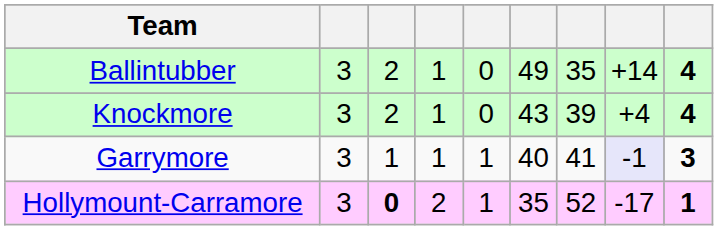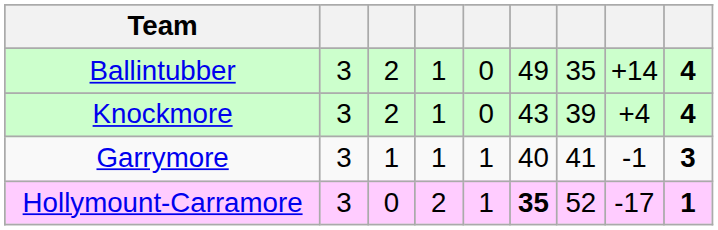 <table class="wikitable" style="text-align:center">
 <tr>
 <th style="width:175px;">Team</th>
 <th width="20"></th>
 <th width="20"></th>
 <th width="20"></th>
 <th width="20"></th>
 <th width="20"></th>
 <th width="20"></th>
 <th width="20"></th>
 <th width="20"></th>
 </tr>
 <tr style="background:#cfc;">
 <td><a href='#'>Ballintubber</a></td>
 <td>3</td>
 <td>2</td>
 <td>1</td>
 <td>0</td>
 <td>49</td>
 <td>35</td>
 <td>+14</td>
 <td><strong>4</strong></td>
 </tr>
 <tr style="background:#cfc;">
 <td><a href='#'>Knockmore</a></td>
 <td>3</td>
 <td>2</td>
 <td>1</td>
 <td>0</td>
 <td>43</td>
 <td>39</td>
 <td>+4</td>
 <td><strong>4</strong></td>
 </tr>
 <tr>
 <td><a href='#'>Garrymore</a></td>
 <td>3</td>
 <td>1</td>
 <td>1</td>
 <td>1</td>
 <td>40</td>
 <td>41</td>
-<td style="background: lavender;">-1</td>
+<td>-1</td>
 <td><strong>3</strong></td>
 </tr>
 <tr style="background:#fcf;">
 <td><a href='#'>Hollymount-Carramore</a></td>
 <td>3</td>
-<td><strong>0</strong></td>
+<td>0</td>
 <td>2</td>
 <td>1</td>
-<td>35</td>
+<td><strong>35</strong></td>
 <td>52</td>
 <td>-17</td>
 <td><strong>1</strong></td>
 </tr>
 </table>
